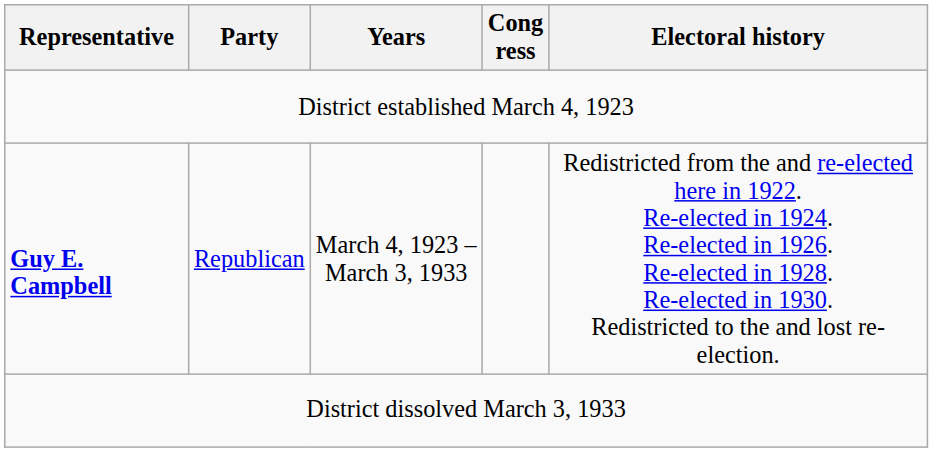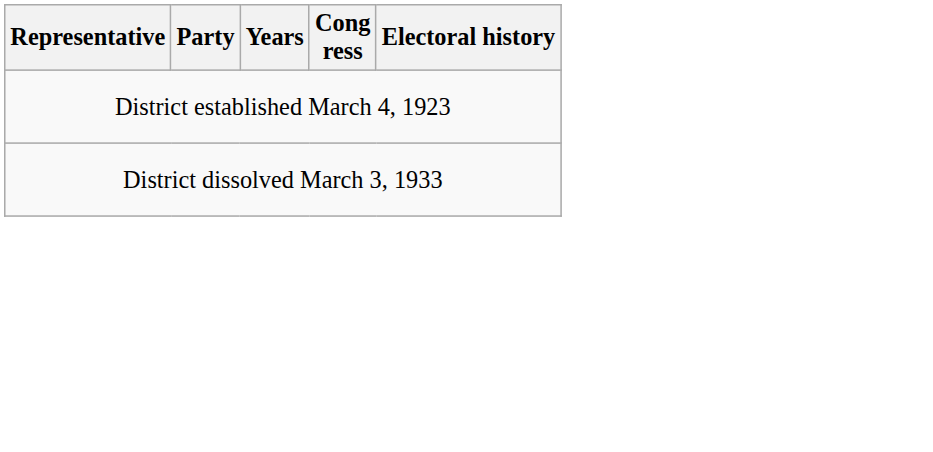 <table class=wikitable style="text-align:center">
 <tr>
 <th>Representative</th>
 <th>Party</th>
 <th>Years</th>
 <th>Cong<br>ress</th>
 <th>Electoral history</th>
 </tr>
 <tr style="height:3em">
 <td colspan=5>District established March 4, 1923</td>
 </tr>
 <tr style="height:3em">
-<td align=left><br><strong><a href='#'>Guy E. Campbell</a></strong><br></td>
-<td><a href='#'>Republican</a></td>
-<td nowrap>March 4, 1923 –<br>March 3, 1933</td>
-<td></td>
-<td>Redistricted from the  and <a href='#'>re-elected here in 1922</a>.<br><a href='#'>Re-elected in 1924</a>.<br><a href='#'>Re-elected in 1926</a>.<br><a href='#'>Re-elected in 1928</a>.<br><a href='#'>Re-elected in 1930</a>.<br>Redistricted to the  and lost re-election.</td>
-</tr>
-<tr style="height:3em">
 <td colspan=5>District dissolved March 3, 1933</td>
 </tr>
 </table>
